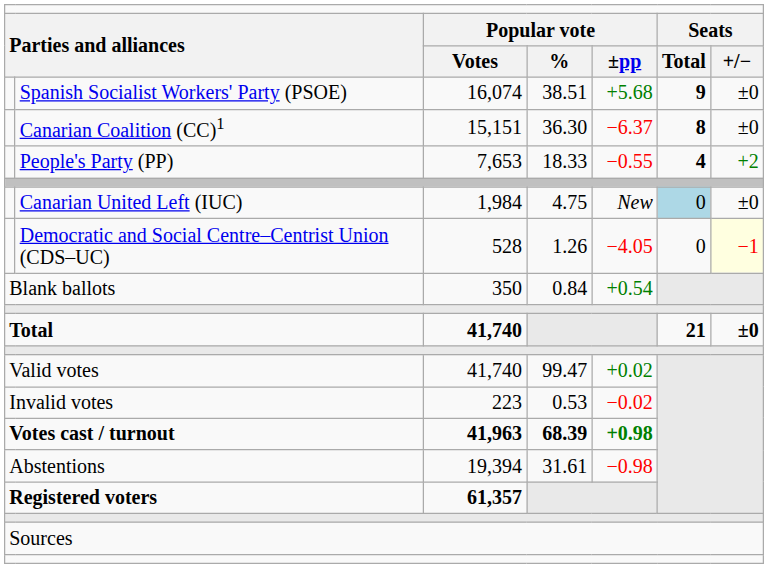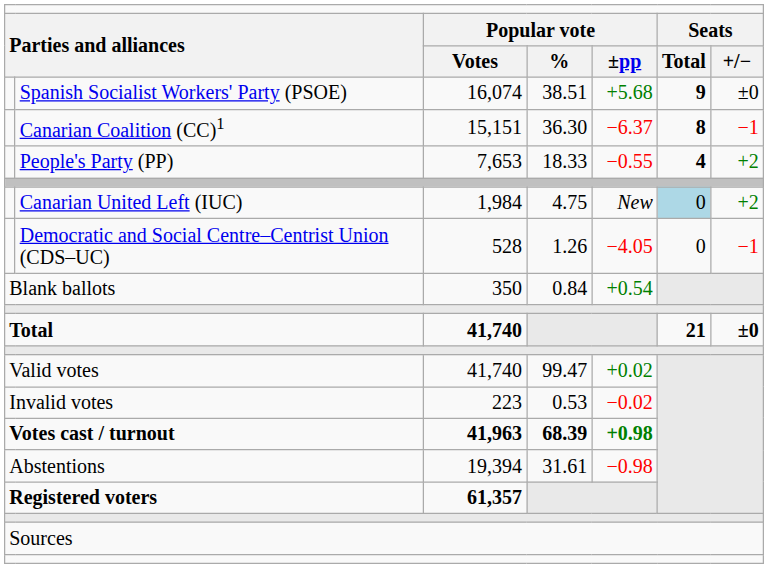 <table class="wikitable" style="text-align:right;">
 <tr>
 <td colspan="7"></td>
 </tr>
 <tr>
 <th style="text-align:left;" rowspan="2" colspan="2" width="525">Parties and alliances</th>
 <th colspan="3">Popular vote</th>
 <th colspan="2">Seats</th>
 </tr>
 <tr>
 <th width="75">Votes</th>
 <th width="45">%</th>
 <th width="45">±<a href='#'>pp</a></th>
 <th width="35">Total</th>
 <th width="35">+/−</th>
 </tr>
 <tr>
 <td width="1" style="color:inherit;background:"></td>
 <td align="left"><a href='#'>Spanish Socialist Workers' Party</a> (PSOE)</td>
 <td>16,074</td>
 <td>38.51</td>
 <td style="color:green;">+5.68</td>
 <td><strong>9</strong></td>
 <td>±0</td>
 </tr>
 <tr>
 <td style="color:inherit;background:"></td>
 <td align="left"><a href='#'>Canarian Coalition</a> (CC)<sup>1</sup></td>
 <td>15,151</td>
 <td>36.30</td>
 <td style="color:red;">−6.37</td>
 <td><strong>8</strong></td>
-<td>±0</td>
+<td style="color:red;">−1</td>
 </tr>
 <tr>
 <td style="color:inherit;background:"></td>
 <td align="left"><a href='#'>People's Party</a> (PP)</td>
 <td>7,653</td>
 <td>18.33</td>
 <td style="color:red;">−0.55</td>
 <td><strong>4</strong></td>
 <td style="color:green;">+2</td>
 </tr>
 <tr>
 <td colspan="7" bgcolor="#C0C0C0"></td>
 </tr>
 <tr>
 <td style="color:inherit;background:"></td>
 <td align="left"><a href='#'>Canarian United Left</a> (IUC)</td>
 <td>1,984</td>
 <td>4.75</td>
 <td><em>New</em></td>
 <td style="background: lightblue;">0</td>
-<td>±0</td>
+<td style="color:green;">+2</td>
 </tr>
 <tr>
 <td style="color:inherit;background:"></td>
 <td align="left"><a href='#'>Democratic and Social Centre–Centrist Union</a> (CDS–UC)</td>
 <td>528</td>
 <td>1.26</td>
 <td style="color:red;">−4.05</td>
 <td>0</td>
-<td style="background: lightyellow; color:red;">−1</td>
+<td style="color:red;">−1</td>
 </tr>
 <tr>
 <td align="left" colspan="2">Blank ballots</td>
 <td>350</td>
 <td>0.84</td>
 <td style="color:green;">+0.54</td>
 <td bgcolor="#E9E9E9" colspan="2"></td>
 </tr>
 <tr>
 <td colspan="7" bgcolor="#E9E9E9"></td>
 </tr>
 <tr style="font-weight:bold;">
 <td align="left" colspan="2">Total</td>
 <td>41,740</td>
 <td bgcolor="#E9E9E9" colspan="2"></td>
 <td>21</td>
 <td>±0</td>
 </tr>
 <tr>
 <td colspan="7" bgcolor="#E9E9E9"></td>
 </tr>
 <tr>
 <td align="left" colspan="2">Valid votes</td>
 <td>41,740</td>
 <td>99.47</td>
 <td style="color:green;">+0.02</td>
 <td bgcolor="#E9E9E9" colspan="2" rowspan="5"></td>
 </tr>
 <tr>
 <td align="left" colspan="2">Invalid votes</td>
 <td>223</td>
 <td>0.53</td>
 <td style="color:red;">−0.02</td>
 </tr>
 <tr style="font-weight:bold;">
 <td align="left" colspan="2">Votes cast / turnout</td>
 <td>41,963</td>
 <td>68.39</td>
 <td style="color:green;">+0.98</td>
 </tr>
 <tr>
 <td align="left" colspan="2">Abstentions</td>
 <td>19,394</td>
 <td>31.61</td>
 <td style="color:red;">−0.98</td>
 </tr>
 <tr style="font-weight:bold;">
 <td align="left" colspan="2">Registered voters</td>
 <td>61,357</td>
 <td bgcolor="#E9E9E9" colspan="2"></td>
 </tr>
 <tr>
 <td colspan="7" bgcolor="#E9E9E9"></td>
 </tr>
 <tr>
 <td align="left" colspan="7">Sources</td>
 </tr>
 <tr>
 <td colspan="7" style="text-align:left; max-width:790px;"></td>
 </tr>
 </table>
